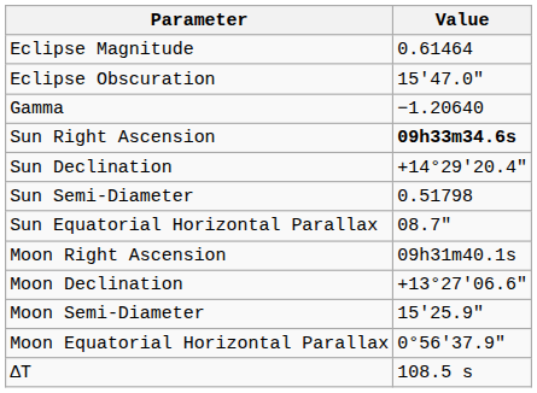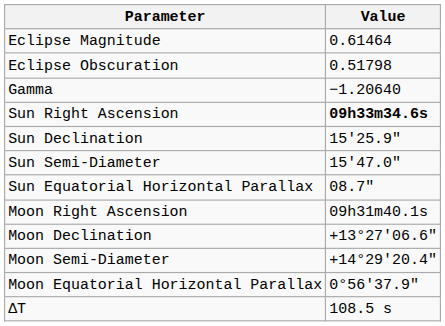 <table class="wikitable">
 <tr>
 <th>Parameter</th>
 <th>Value</th>
 </tr>
 <tr>
 <td>Eclipse Magnitude</td>
 <td>0.61464</td>
 </tr>
 <tr>
 <td>Eclipse Obscuration</td>
-<td>15'47.0"</td>
+<td>0.51798</td>
 </tr>
 <tr>
 <td>Gamma</td>
 <td>−1.20640</td>
 </tr>
 <tr>
 <td>Sun Right Ascension</td>
 <td><strong>09h33m34.6s</strong></td>
 </tr>
 <tr>
 <td>Sun Declination</td>
-<td>+14°29'20.4"</td>
+<td>15'25.9"</td>
 </tr>
 <tr>
 <td>Sun Semi-Diameter</td>
-<td>0.51798</td>
+<td>15'47.0"</td>
 </tr>
 <tr>
 <td>Sun Equatorial Horizontal Parallax</td>
 <td>08.7"</td>
 </tr>
 <tr>
 <td>Moon Right Ascension</td>
 <td>09h31m40.1s</td>
 </tr>
 <tr>
 <td>Moon Declination</td>
 <td>+13°27'06.6"</td>
 </tr>
 <tr>
 <td>Moon Semi-Diameter</td>
-<td>15'25.9"</td>
+<td>+14°29'20.4"</td>
 </tr>
 <tr>
 <td>Moon Equatorial Horizontal Parallax</td>
 <td>0°56'37.9"</td>
 </tr>
 <tr>
 <td>ΔT</td>
 <td>108.5 s</td>
 </tr>
 </table>
